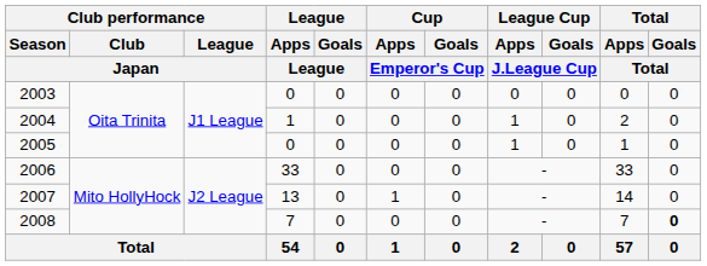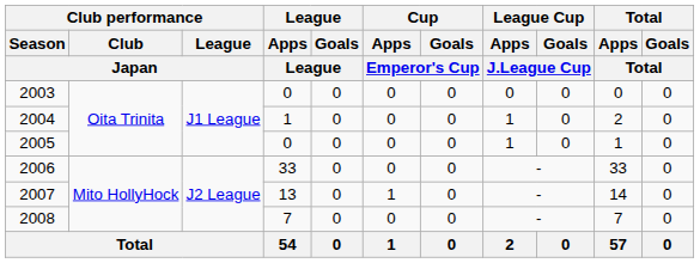 <table class="wikitable" style="text-align:center;">
 <tr>
 <th colspan=3>Club performance</th>
 <th colspan=2>League</th>
 <th colspan=2>Cup</th>
 <th colspan=2>League Cup</th>
 <th colspan=2>Total</th>
 </tr>
 <tr>
 <th>Season</th>
 <th>Club</th>
 <th>League</th>
 <th>Apps</th>
 <th>Goals</th>
 <th>Apps</th>
 <th>Goals</th>
 <th>Apps</th>
 <th>Goals</th>
 <th>Apps</th>
 <th>Goals</th>
 </tr>
 <tr>
 <th colspan=3>Japan</th>
 <th colspan=2>League</th>
 <th colspan=2><a href='#'>Emperor's Cup</a></th>
 <th colspan=2><a href='#'>J.League Cup</a></th>
 <th colspan=2>Total</th>
 </tr>
 <tr>
 <td>2003</td>
 <td rowspan="3"><a href='#'>Oita Trinita</a></td>
 <td rowspan="3"><a href='#'>J1 League</a></td>
 <td>0</td>
 <td>0</td>
 <td>0</td>
 <td>0</td>
 <td>0</td>
 <td>0</td>
 <td>0</td>
 <td>0</td>
 </tr>
 <tr>
 <td>2004</td>
 <td>1</td>
 <td>0</td>
 <td>0</td>
 <td>0</td>
 <td>1</td>
 <td>0</td>
 <td>2</td>
 <td>0</td>
 </tr>
 <tr>
 <td>2005</td>
 <td>0</td>
 <td>0</td>
 <td>0</td>
 <td>0</td>
 <td>1</td>
 <td>0</td>
 <td>1</td>
 <td>0</td>
 </tr>
 <tr>
 <td>2006</td>
 <td rowspan="3"><a href='#'>Mito HollyHock</a></td>
 <td rowspan="3"><a href='#'>J2 League</a></td>
 <td>33</td>
 <td>0</td>
 <td>0</td>
 <td>0</td>
 <td colspan="2">-</td>
 <td>33</td>
 <td>0</td>
 </tr>
 <tr>
 <td>2007</td>
 <td>13</td>
 <td>0</td>
 <td>1</td>
 <td>0</td>
 <td colspan="2">-</td>
 <td>14</td>
 <td>0</td>
 </tr>
 <tr>
 <td>2008</td>
 <td>7</td>
 <td>0</td>
 <td>0</td>
 <td>0</td>
 <td colspan="2">-</td>
 <td>7</td>
-<td><strong>0</strong></td>
+<td>0</td>
 </tr>
 <tr>
 <th colspan=3>Total</th>
 <th>54</th>
 <th>0</th>
 <th>1</th>
 <th>0</th>
 <th>2</th>
 <th>0</th>
 <th>57</th>
 <th>0</th>
 </tr>
 </table>
